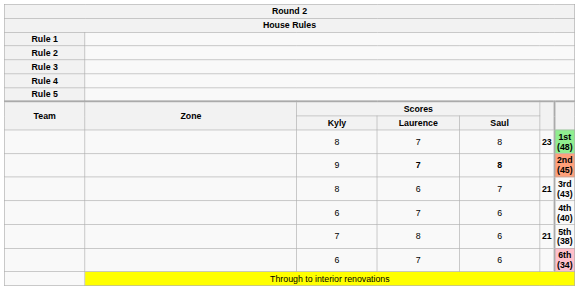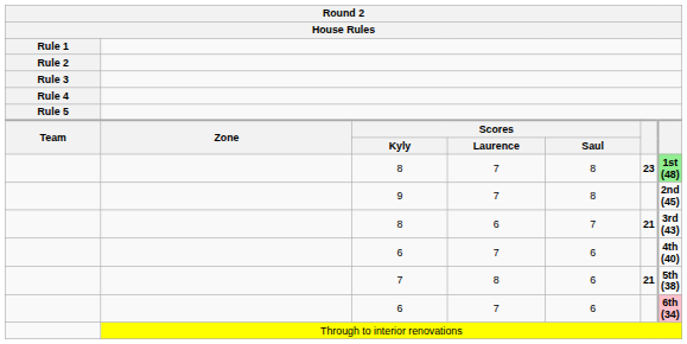 <table class="wikitable plainrowheaders" style="text-align:center; font-size:90%; width:65em;">
 <tr>
 <th colspan="7" >Round 2</th>
 </tr>
 <tr>
 <th colspan="7">House Rules</th>
 </tr>
 <tr>
 <th>Rule 1</th>
 <td colspan=6></td>
 </tr>
 <tr>
 <th>Rule 2</th>
 <td colspan=6></td>
 </tr>
 <tr>
 <th>Rule 3</th>
 <td colspan=6></td>
 </tr>
 <tr>
 <th>Rule 4</th>
 <td colspan=6></td>
 </tr>
 <tr>
 <th>Rule 5</th>
 <td colspan=6></td>
 </tr>
 <tr>
 </tr>
 <tr style="border-top:3px solid #aaa;">
 <th rowspan="2">Team</th>
 <th rowspan="2" style="width:40%;">Zone</th>
 <th colspan="3" style="width:30%;">Scores</th>
 <th rowspan="2"></th>
 <th rowspan="2" style="border-left:3px solid #aaa;"></th>
 </tr>
 <tr>
 <th style="width:15%;">Kyly</th>
 <th style="width:15%;">Laurence</th>
 <th style="width:15%;">Saul</th>
 </tr>
 <tr>
 <td style="width:15%;"></td>
 <td></td>
 <td>8</td>
 <td>7</td>
 <td>8</td>
 <td><strong>23</strong></td>
 <td style="border-left:3px solid #aaa;" bgcolor="lightgreen"><strong>1st (48)</strong></td>
 </tr>
 <tr>
 <td style="width:15%;"></td>
 <td></td>
 <td>9</td>
-<td><strong>7</strong></td>
-<td><strong>8</strong></td>
+<td>7</td>
+<td>8</td>
 <td></td>
-<td style="background: lightsalmon; border-left:3px solid #aaa;"><strong>2nd (45)</strong></td>
+<td style="border-left:3px solid #aaa;"><strong>2nd (45)</strong></td>
 </tr>
 <tr>
 <td style="width:15%;"></td>
 <td></td>
 <td>8</td>
 <td>6</td>
 <td>7</td>
 <td><strong>21</strong></td>
 <td style="border-left:3px solid #aaa;"><strong>3rd (43)</strong></td>
 </tr>
 <tr>
 <td style="width:15%;"></td>
 <td></td>
 <td>6</td>
 <td>7</td>
 <td>6</td>
 <td></td>
 <td style="border-left:3px solid #aaa;"><strong>4th (40)</strong></td>
 </tr>
 <tr>
 <td style="width:15%;"></td>
 <td></td>
 <td>7</td>
 <td>8</td>
 <td>6</td>
 <td><strong>21</strong></td>
 <td style="border-left:3px solid #aaa;"><strong>5th (38)</strong></td>
 </tr>
 <tr>
 <td style="width:15%;"></td>
 <td></td>
 <td>6</td>
 <td>7</td>
 <td>6</td>
 <td></td>
 <td style="border-left:3px solid #aaa;" bgcolor="pink"><strong>6th (34)</strong></td>
 </tr>
 <tr>
 <td style="width:15%;"></td>
 <td colspan=8 style="text-align:center; background:yellow">Through to interior renovations</td>
 </tr>
 </table>
